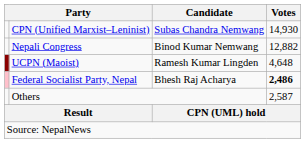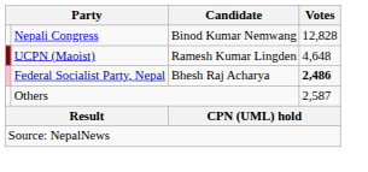 <table class="wikitable">
 <tr>
 <th colspan="2">Party</th>
 <th>Candidate</th>
 <th>Votes</th>
 </tr>
 <tr>
 <td style="background-color:"></td>
-<td><a href='#'>CPN (Unified Marxist–Leninist)</a></td>
-<td><a href='#'>Subas Chandra Nemwang</a></td>
-<td>14,930</td>
-</tr>
-<tr>
-<td style="background-color:"></td>
 <td><a href='#'>Nepali Congress</a></td>
 <td>Binod Kumar Nemwang</td>
-<td>12,882</td>
+<td>12,828</td>
 </tr>
 <tr>
 <td style="background-color:darkred"></td>
 <td><a href='#'>UCPN (Maoist)</a></td>
 <td>Ramesh Kumar Lingden</td>
 <td>4,648</td>
 </tr>
 <tr>
 <td style="background-color:#ffc0cb"></td>
 <td><a href='#'>Federal Socialist Party, Nepal</a></td>
 <td>Bhesh Raj Acharya</td>
 <td><strong>2,486</strong></td>
 </tr>
 <tr>
 <td></td>
 <td colspan="2">Others</td>
 <td>2,587</td>
 </tr>
 <tr>
 <th colspan="2">Result</th>
 <th colspan="2">CPN (UML) hold</th>
 </tr>
 <tr>
 <td colspan="4">Source: NepalNews</td>
 </tr>
 </table>
